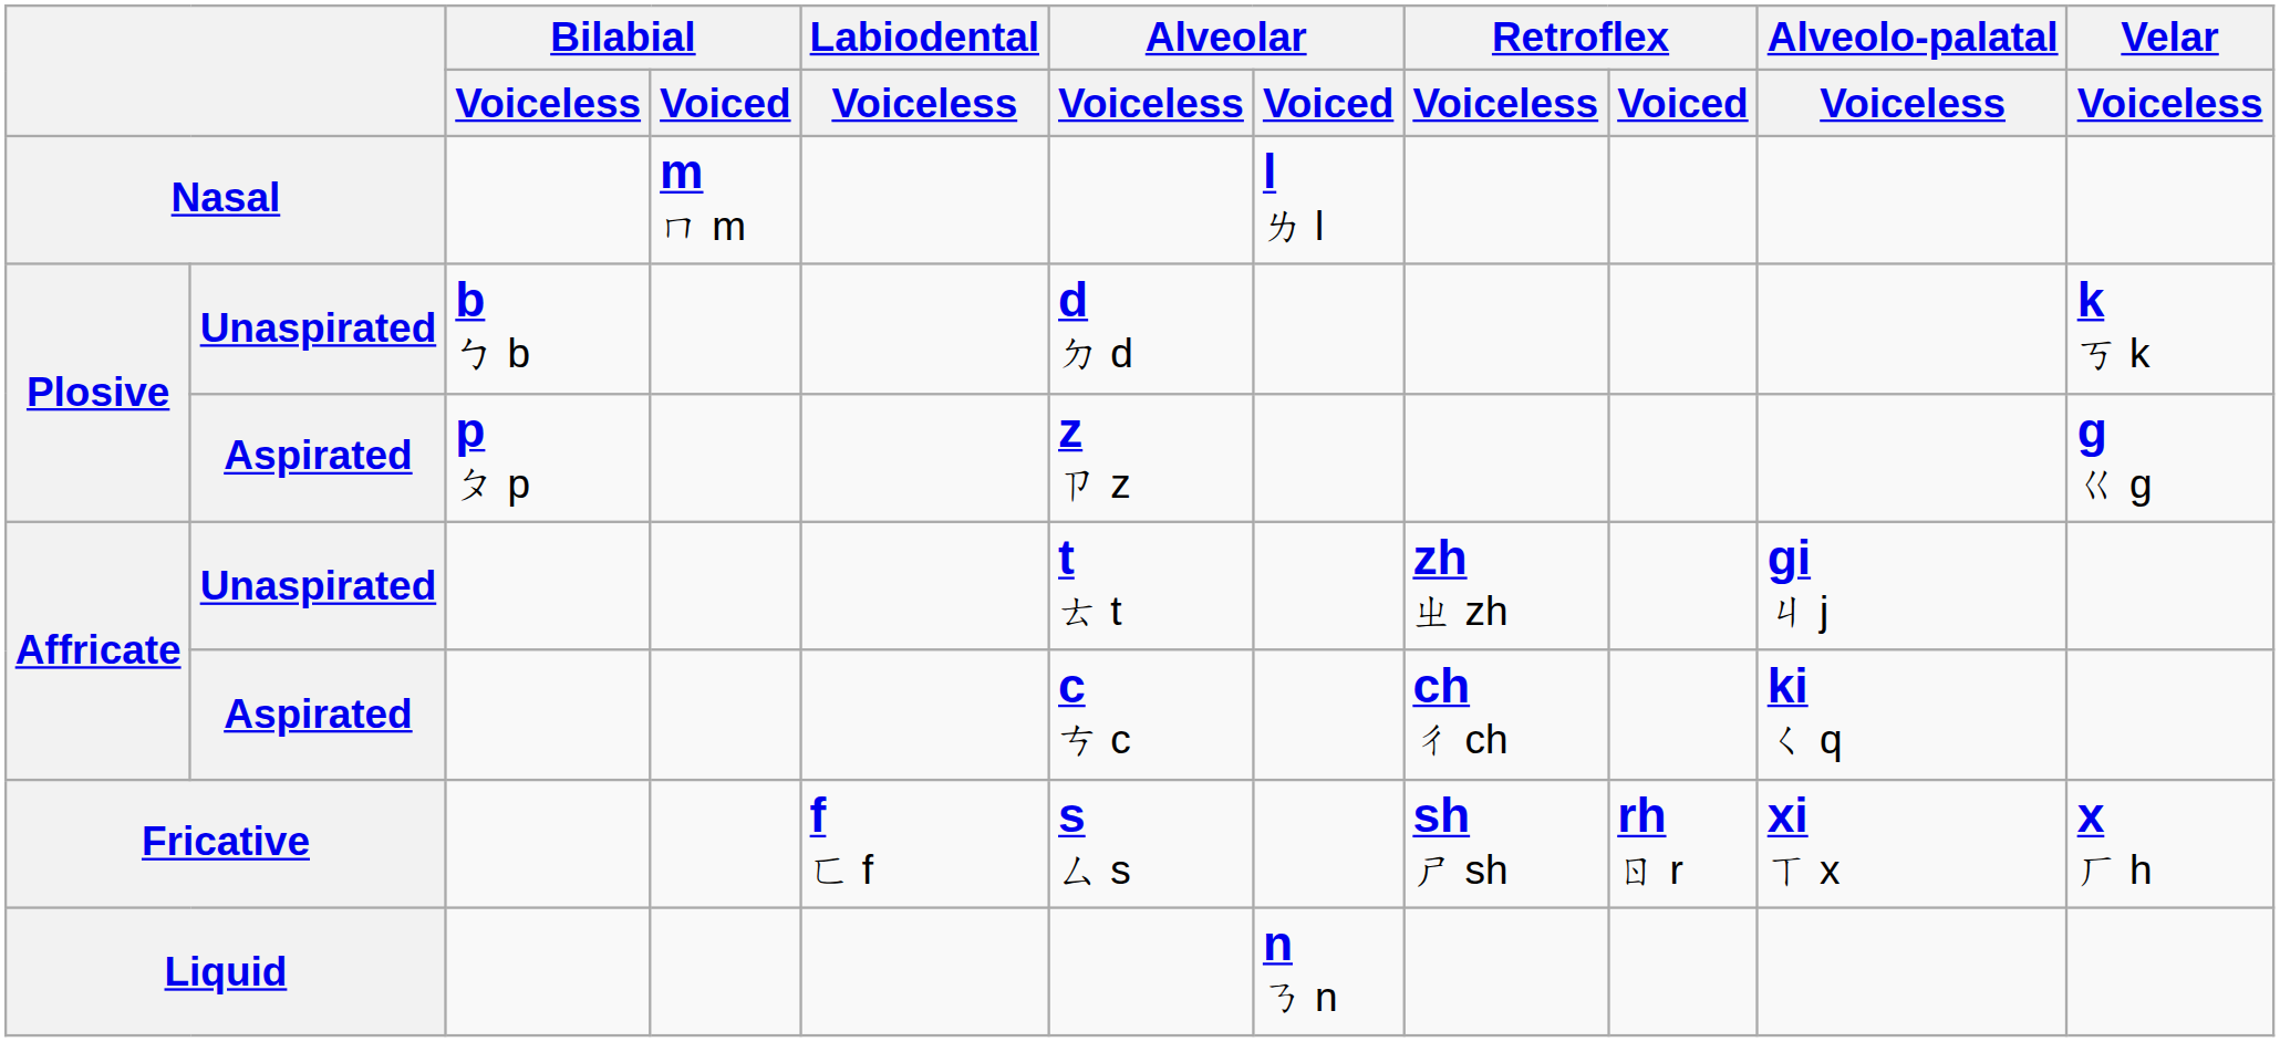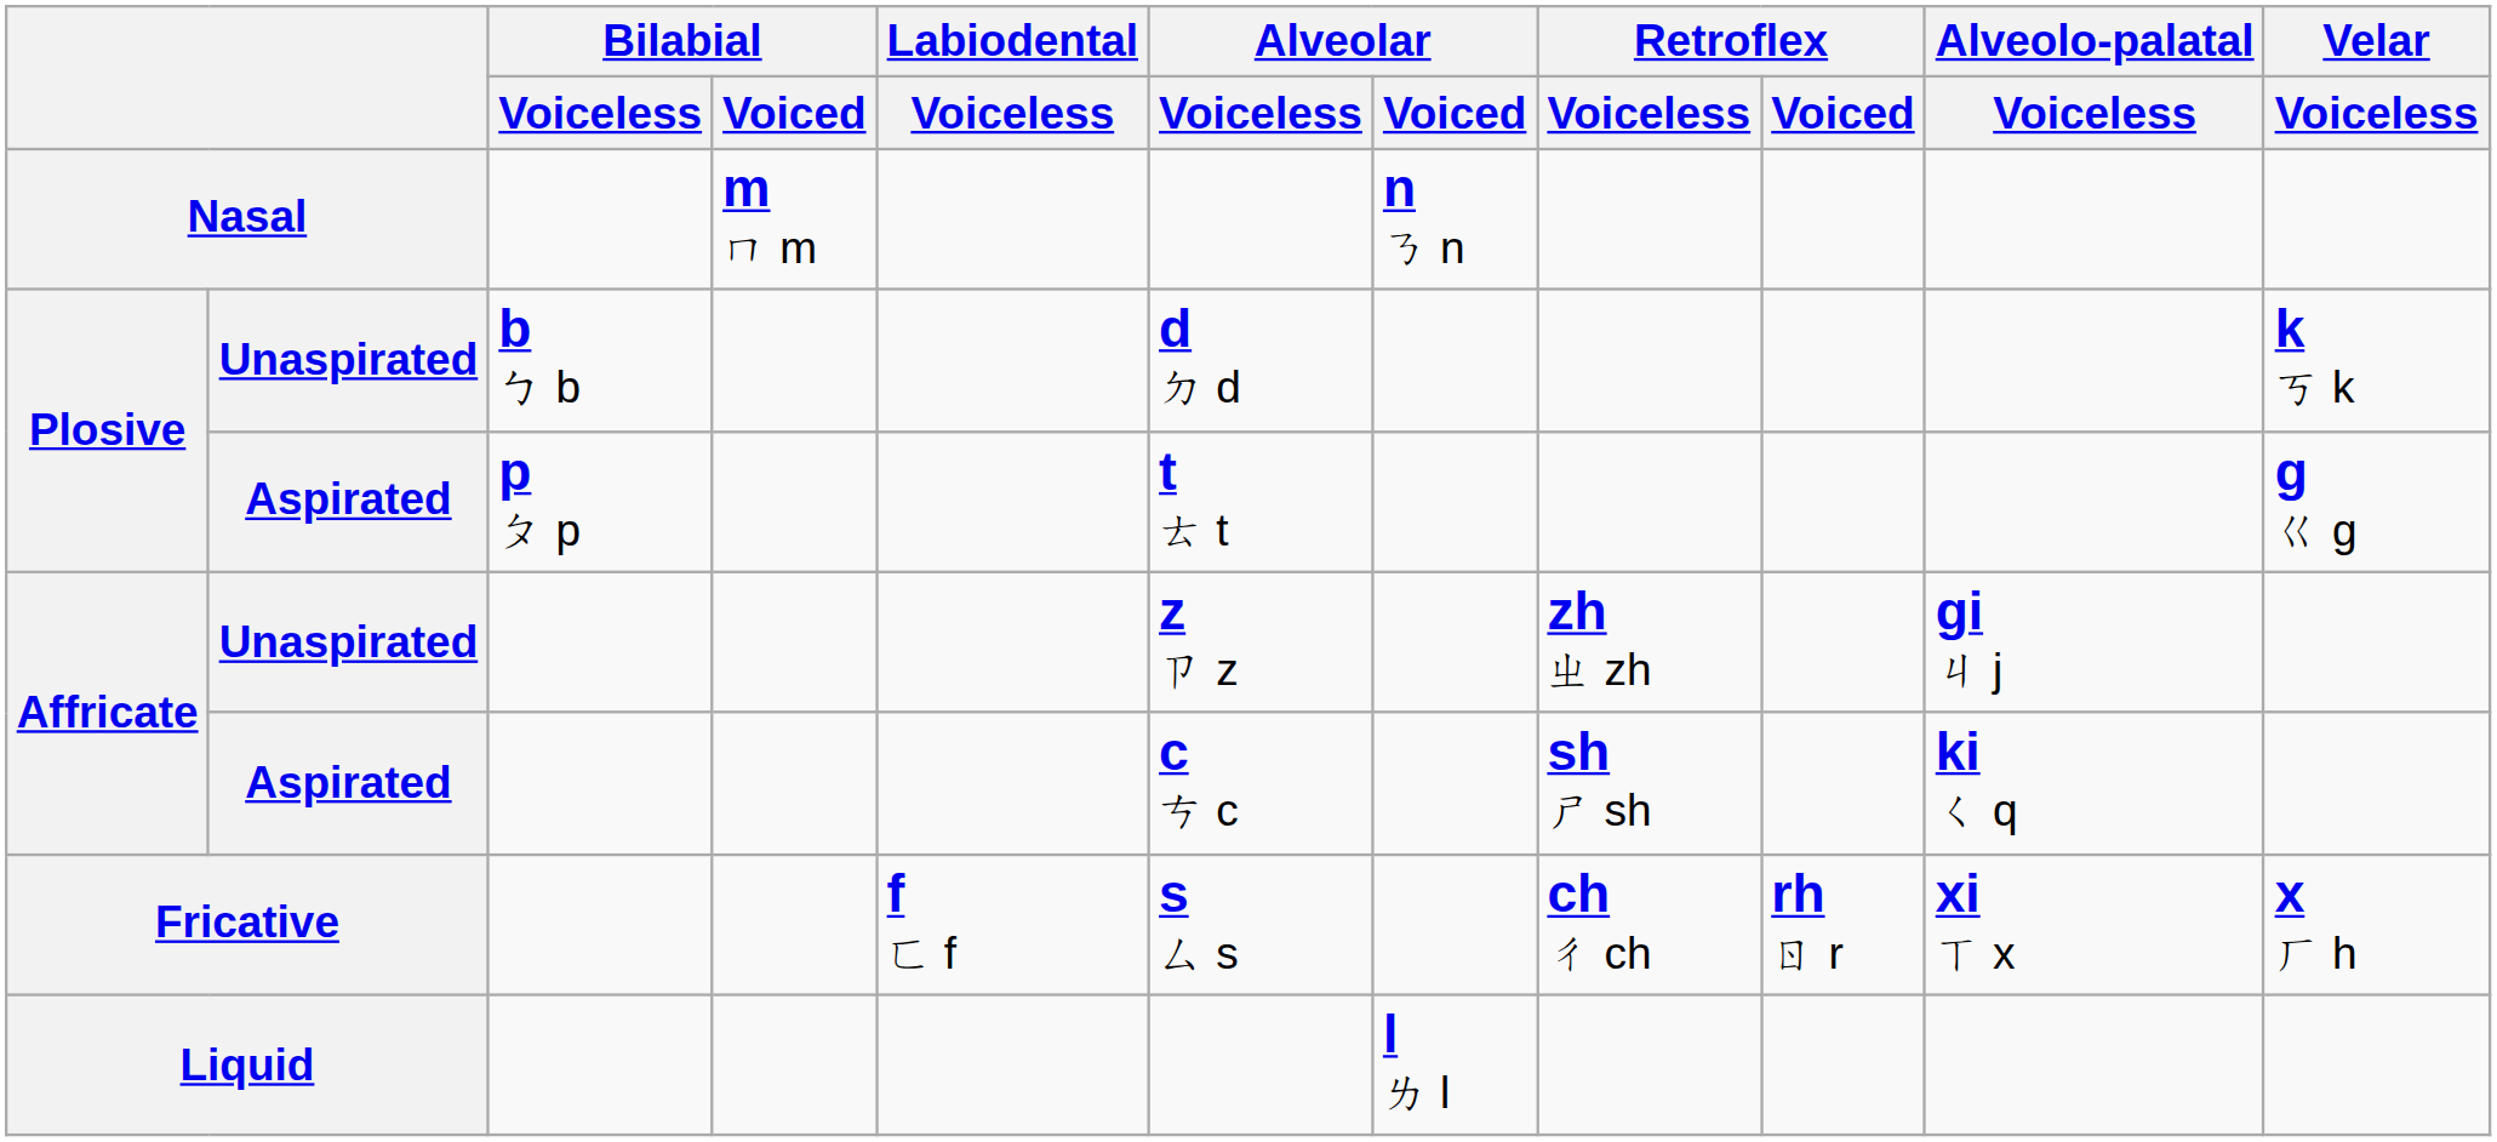 <table class=wikitable style>
 <tr>
 <th rowspan=2 colspan=2></th>
 <th colspan=2><a href='#'>Bilabial</a></th>
 <th><a href='#'>Labiodental</a></th>
 <th colspan=2><a href='#'>Alveolar</a></th>
 <th colspan=2><a href='#'>Retroflex</a></th>
 <th><a href='#'>Alveolo-palatal</a></th>
 <th><a href='#'>Velar</a></th>
 </tr>
 <tr>
 <th><a href='#'>Voiceless</a></th>
 <th><a href='#'>Voiced</a></th>
 <th><a href='#'>Voiceless</a></th>
 <th><a href='#'>Voiceless</a></th>
 <th><a href='#'>Voiced</a></th>
 <th><a href='#'>Voiceless</a></th>
 <th><a href='#'>Voiced</a></th>
 <th><a href='#'>Voiceless</a></th>
 <th><a href='#'>Voiceless</a></th>
 </tr>
 <tr>
 <th colspan=2><a href='#'>Nasal</a></th>
 <td></td>
 <td><a href='#'><big><strong>m</strong></big> </a><br>ㄇ m</td>
 <td></td>
 <td></td>
-<td><a href='#'><big><strong>l</strong></big> </a><br>ㄌ l</td>
+<td><a href='#'><big><strong>n</strong></big> </a><br>ㄋ n</td>
 <td></td>
 <td></td>
 <td></td>
 <td></td>
 </tr>
 <tr>
 <th rowspan=2><a href='#'>Plosive</a></th>
 <th><a href='#'>Unaspirated</a></th>
 <td><a href='#'><big><strong>b</strong></big> </a><br>ㄅ b</td>
 <td></td>
 <td></td>
 <td><a href='#'><big><strong>d</strong></big> </a><br>ㄉ d</td>
 <td></td>
 <td></td>
 <td></td>
 <td></td>
 <td><a href='#'><big><strong>k</strong></big> </a><br>ㄎ k</td>
 </tr>
 <tr>
 <th><a href='#'>Aspirated</a></th>
 <td><a href='#'><big><strong>p</strong></big> </a><br>ㄆ p</td>
 <td></td>
 <td></td>
-<td><a href='#'><big><strong>z</strong></big> </a><br>ㄗ z</td>
+<td><a href='#'><big><strong>t</strong></big> </a><br>ㄊ t</td>
 <td></td>
 <td></td>
 <td></td>
 <td></td>
 <td><a href='#'><big><strong>g</strong></big> </a><br>ㄍ g</td>
 </tr>
 <tr>
 <th rowspan=2><a href='#'>Affricate</a></th>
 <th><a href='#'>Unaspirated</a></th>
 <td></td>
 <td></td>
 <td></td>
-<td><a href='#'><big><strong>t</strong></big> </a><br>ㄊ t</td>
+<td><a href='#'><big><strong>z</strong></big> </a><br>ㄗ z</td>
 <td></td>
 <td><a href='#'><big><strong>zh</strong></big> </a><br>ㄓ zh</td>
 <td></td>
 <td><a href='#'><big><strong>gi</strong></big> </a><br>ㄐ j</td>
 <td></td>
 </tr>
 <tr>
 <th><a href='#'>Aspirated</a></th>
 <td></td>
 <td></td>
 <td></td>
 <td><a href='#'><big><strong>c</strong></big> </a><br>ㄘ c</td>
 <td></td>
-<td><a href='#'><big><strong>ch</strong></big> </a><br>ㄔ ch</td>
+<td><a href='#'><big><strong>sh</strong></big> </a><br>ㄕ sh</td>
 <td></td>
 <td><a href='#'><big><strong>ki</strong></big> </a><br>ㄑ q</td>
 <td></td>
 </tr>
 <tr>
 <th colspan=2><a href='#'>Fricative</a></th>
 <td></td>
 <td></td>
 <td><a href='#'><big><strong>f</strong></big> </a><br>ㄈ f</td>
 <td><a href='#'><big><strong>s</strong></big> </a><br>ㄙ s</td>
 <td></td>
-<td><a href='#'><big><strong>sh</strong></big> </a><br>ㄕ sh</td>
+<td><a href='#'><big><strong>ch</strong></big> </a><br>ㄔ ch</td>
 <td><a href='#'><big><strong>rh</strong></big> </a><br>ㄖ r</td>
 <td><a href='#'><big><strong>xi</strong></big> </a><br>ㄒ x</td>
 <td><a href='#'><big><strong>x</strong></big> </a><br>ㄏ h</td>
 </tr>
 <tr>
 <th colspan=2><a href='#'>Liquid</a></th>
 <td></td>
 <td></td>
 <td></td>
 <td></td>
-<td><a href='#'><big><strong>n</strong></big> </a><br>ㄋ n</td>
+<td><a href='#'><big><strong>l</strong></big> </a><br>ㄌ l</td>
 <td></td>
 <td></td>
 <td></td>
 <td></td>
 </tr>
 </table>
